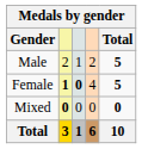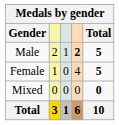 <table class=wikitable style=font-size:85%;float:right;text-align:center>
 <tr>
 <th colspan=5>Medals by gender</th>
 </tr>
 <tr>
 <th>Gender</th>
 <td bgcolor=F7F6A8></td>
 <td bgcolor=DCE5E5></td>
 <td bgcolor=FFDAB9></td>
 <th>Total</th>
 </tr>
 <tr>
 <td>Male</td>
 <td bgcolor=F7F6A8>2</td>
 <td bgcolor=DCE5E5>1</td>
-<td bgcolor=FFDAB9>2</td>
+<td bgcolor=FFDAB9><strong>2</strong></td>
 <td><strong>5</strong></td>
 </tr>
 <tr>
 <td>Female</td>
-<td bgcolor=F7F6A8><strong>1</strong></td>
-<td bgcolor=DCE5E5><strong>0</strong></td>
+<td bgcolor=F7F6A8>1</td>
+<td bgcolor=DCE5E5>0</td>
 <td bgcolor=FFDAB9>4</td>
 <td><strong>5</strong></td>
 </tr>
 <tr>
 <td>Mixed</td>
-<td bgcolor=F7F6A8><strong>0</strong></td>
+<td bgcolor=F7F6A8>0</td>
 <td bgcolor=DCE5E5>0</td>
 <td bgcolor=FFDAB9>0</td>
 <td><strong>0</strong></td>
 </tr>
 <tr>
 <th>Total</th>
 <th style=background:gold>3</th>
 <th style=background:silver>1</th>
 <th style=background:#c96>6</th>
 <th>10</th>
 </tr>
 </table>
